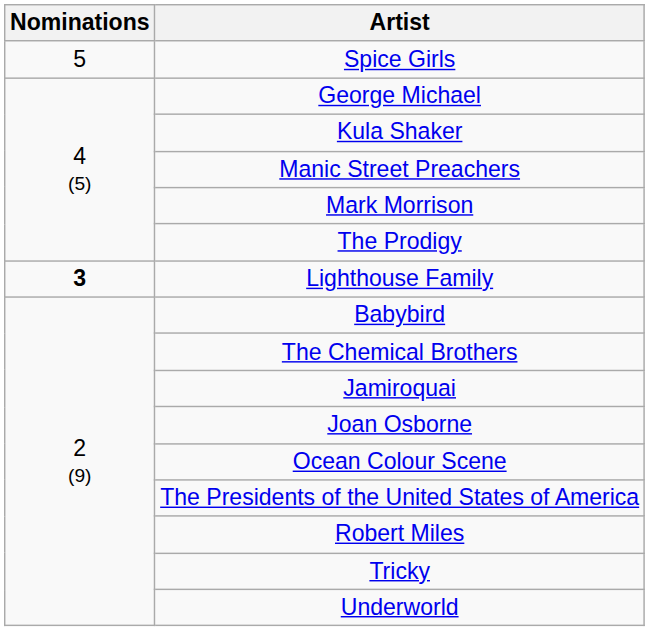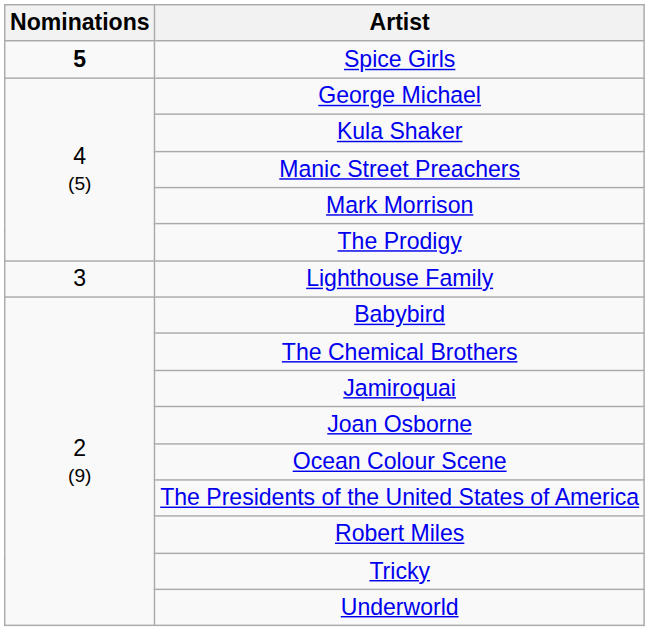 <table class="wikitable" rowspan="2" style="text-align:center;">
 <tr>
 <th scope="col" style="width:55px;">Nominations</th>
 <th scope="col" style="text-align:center;">Artist</th>
 </tr>
 <tr>
-<td>5</td>
+<td><strong>5</strong></td>
 <td><a href='#'>Spice Girls</a></td>
 </tr>
 <tr>
 <td rowspan="5">4<br><small>(5)</small></td>
 <td><a href='#'>George Michael</a></td>
 </tr>
 <tr>
 <td><a href='#'>Kula Shaker</a></td>
 </tr>
 <tr>
 <td><a href='#'>Manic Street Preachers</a></td>
 </tr>
 <tr>
 <td><a href='#'>Mark Morrison</a></td>
 </tr>
 <tr>
 <td><a href='#'>The Prodigy</a></td>
 </tr>
 <tr>
-<td><strong>3</strong></td>
+<td>3</td>
 <td><a href='#'>Lighthouse Family</a></td>
 </tr>
 <tr>
 <td rowspan="9">2<br><small>(9)</small></td>
 <td><a href='#'>Babybird</a></td>
 </tr>
 <tr>
 <td><a href='#'>The Chemical Brothers</a></td>
 </tr>
 <tr>
 <td><a href='#'>Jamiroquai</a></td>
 </tr>
 <tr>
 <td><a href='#'>Joan Osborne</a></td>
 </tr>
 <tr>
 <td><a href='#'>Ocean Colour Scene</a></td>
 </tr>
 <tr>
 <td><a href='#'>The Presidents of the United States of America</a></td>
 </tr>
 <tr>
 <td><a href='#'>Robert Miles</a></td>
 </tr>
 <tr>
 <td><a href='#'>Tricky</a></td>
 </tr>
 <tr>
 <td><a href='#'>Underworld</a></td>
 </tr>
 </table>
